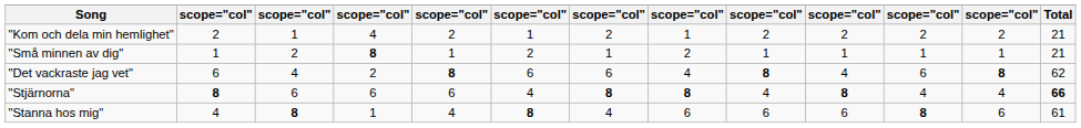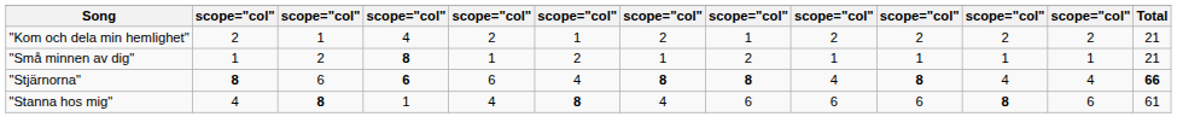 <table class="wikitable plainrowheaders" style="margin: 1em auto 1em auto; text-align:center;">
 <tr>
 </tr>
 <tr>
 <th scope="col">Song</th>
 <th>scope="col" </th>
 <th>scope="col" </th>
 <th>scope="col" </th>
 <th>scope="col" </th>
 <th>scope="col" </th>
 <th>scope="col" </th>
 <th>scope="col" </th>
 <th>scope="col" </th>
 <th>scope="col" </th>
 <th>scope="col" </th>
 <th>scope="col" </th>
 <th scope="col">Total</th>
 </tr>
 <tr --->
 <td align="left">"Kom och dela min hemlighet"</td>
 <td>2</td>
 <td>1</td>
 <td>4</td>
 <td>2</td>
 <td>1</td>
 <td>2</td>
 <td>1</td>
 <td>2</td>
 <td>2</td>
 <td>2</td>
 <td>2</td>
 <td>21</td>
 </tr>
 <tr --->
 <td align="left">"Små minnen av dig"</td>
 <td>1</td>
 <td>2</td>
 <td><strong>8</strong></td>
 <td>1</td>
 <td>2</td>
 <td>1</td>
 <td>2</td>
 <td>1</td>
 <td>1</td>
 <td>1</td>
 <td>1</td>
 <td>21</td>
 </tr>
 <tr --->
-<td align="left">"Det vackraste jag vet"</td>
-<td>6</td>
-<td>4</td>
-<td>2</td>
-<td><strong>8</strong></td>
-<td>6</td>
-<td>6</td>
-<td>4</td>
-<td><strong>8</strong></td>
-<td>4</td>
-<td>6</td>
-<td><strong>8</strong></td>
-<td>62</td>
-</tr>
-<tr --->
 <td align="left">"Stjärnorna"</td>
 <td><strong>8</strong></td>
 <td>6</td>
-<td>6</td>
+<td><strong>6</strong></td>
 <td>6</td>
 <td>4</td>
 <td><strong>8</strong></td>
 <td><strong>8</strong></td>
 <td>4</td>
 <td><strong>8</strong></td>
 <td>4</td>
 <td>4</td>
 <td><strong>66</strong></td>
 </tr>
 <tr --->
 <td align="left">"Stanna hos mig"</td>
 <td>4</td>
 <td><strong>8</strong></td>
 <td>1</td>
 <td>4</td>
 <td><strong>8</strong></td>
 <td>4</td>
 <td>6</td>
 <td>6</td>
 <td>6</td>
 <td><strong>8</strong></td>
 <td>6</td>
 <td>61</td>
 </tr>
 </table>
